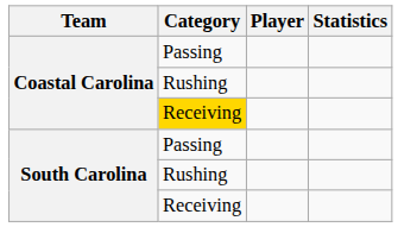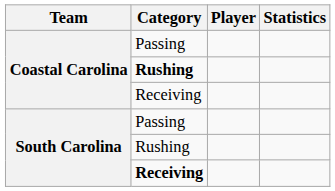 <table class="wikitable" style="float:right">
 <tr>
 <th>Team</th>
 <th>Category</th>
 <th>Player</th>
 <th>Statistics</th>
 </tr>
 <tr>
 <th rowspan=3>Coastal Carolina</th>
 <td>Passing</td>
 <td></td>
 <td></td>
 </tr>
 <tr>
-<td>Rushing</td>
+<td><strong>Rushing</strong></td>
 <td></td>
 <td></td>
 </tr>
 <tr>
-<td style="background: gold;">Receiving</td>
+<td>Receiving</td>
 <td></td>
 <td></td>
 </tr>
 <tr>
 <th rowspan=3>South Carolina</th>
 <td>Passing</td>
 <td></td>
 <td></td>
 </tr>
 <tr>
 <td>Rushing</td>
 <td></td>
 <td></td>
 </tr>
 <tr>
-<td>Receiving</td>
+<td><strong>Receiving</strong></td>
 <td></td>
 <td></td>
 </tr>
 </table>
